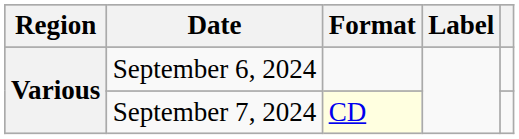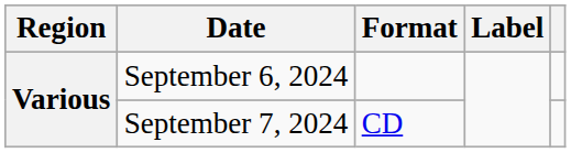 <table class="wikitable plainrowheaders">
 <tr>
 <th scope="col">Region</th>
 <th scope="col">Date</th>
 <th scope="col">Format</th>
 <th scope="col">Label</th>
 <th scope="col"></th>
 </tr>
 <tr>
 <th scope="row" rowspan="2">Various</th>
 <td>September 6, 2024</td>
 <td></td>
 <td rowspan="2"></td>
 <td style="text-align:center"></td>
 </tr>
 <tr>
 <td>September 7, 2024</td>
-<td style="background: lightyellow;"><a href='#'>CD</a></td>
+<td><a href='#'>CD</a></td>
 <td style="text-align:center"></td>
 </tr>
 </table>
